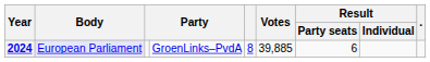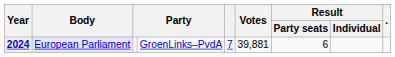 <table class="wikitable plainrowheaders sortable" border=2 cellpadding=4 cellspacing=0 style="border: 1px #aaa solid; font-size: 90%; text-align:center;">
 <tr>
 <th scope="col" rowspan=2>Year</th>
 <th scope="col" rowspan=2>Body</th>
 <th scope="col" colspan=2 rowspan=2>Party</th>
 <th scope="col" rowspan=2></th>
 <th scope="col" rowspan=2>Votes</th>
 <th scope="colgroup" colspan=2>Result</th>
 <th scope="col" rowspan=2>.</th>
 </tr>
 <tr>
 <th scope="col">Party seats</th>
 <th scope="col">Individual</th>
 </tr>
 <tr>
 <th scope="row"><a href='#'>2024</a></th>
 <td style="background: lavender;"><a href='#'>European Parliament</a></td>
 <td style="background-color:"></td>
 <td><a href='#'>GroenLinks–PvdA</a></td>
-<td style=text-align:right><a href='#'>8</a></td>
-<td style=text-align:right>39,885</td>
+<td style=text-align:right><a href='#'>7</a></td>
+<td style=text-align:right>39,881</td>
 <td style=text-align:right>6</td>
 <td></td>
 <td></td>
 </tr>
 </table>
